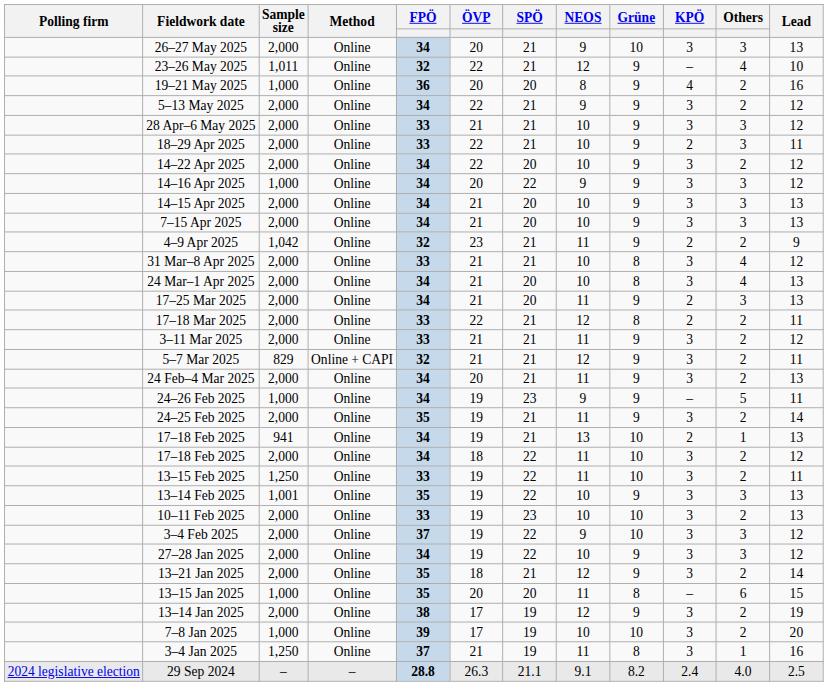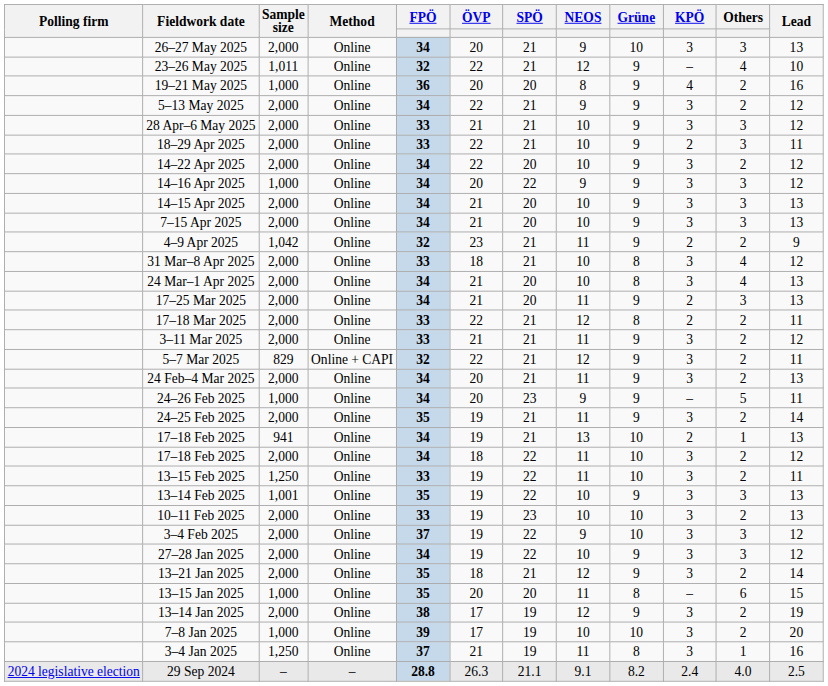 <table class="wikitable sortable mw-datatable" style="text-align:center;font-size:90%;line-height:14px;">
 <tr>
 <th rowspan="2">Polling firm</th>
 <th rowspan="2">Fieldwork date</th>
 <th rowspan="2">Sample<br>size</th>
 <th rowspan="2">Method</th>
 <th class="unsortable" style="width:50px;"><a href='#'>FPÖ</a></th>
 <th class="unsortable" style="width:50px;"><a href='#'>ÖVP</a></th>
 <th class="unsortable" style="width:50px;"><a href='#'>SPÖ</a></th>
 <th class="unsortable" style="width:50px;"><a href='#'>NEOS</a></th>
 <th class="unsortable" style="width:50px;"><a href='#'>Grüne</a></th>
 <th class="unsortable" style="width:50px;"><a href='#'>KPÖ</a></th>
 <th class="unsortable" style="width:50px;">Others</th>
 <th rowspan="2" class="unsortable" style="width:50px;">Lead</th>
 </tr>
 <tr>
 <th style="background:"></th>
 <th style="background:"></th>
 <th style="background:"></th>
 <th style="background:"></th>
 <th style="background:"></th>
 <th style="background:"></th>
 <th style="background:"></th>
 </tr>
 <tr>
 <td></td>
 <td>26–27 May 2025</td>
 <td>2,000</td>
 <td>Online</td>
 <td style="background:#C6D9EA;"><strong>34</strong></td>
 <td>20</td>
 <td>21</td>
 <td>9</td>
 <td>10</td>
 <td>3</td>
 <td>3</td>
 <td style="background:">13</td>
 </tr>
 <tr>
 <td></td>
 <td>23–26 May 2025</td>
 <td>1,011</td>
 <td>Online</td>
 <td style="background:#C6D9EA;"><strong>32</strong></td>
 <td>22</td>
 <td>21</td>
 <td>12</td>
 <td>9</td>
 <td>–</td>
 <td>4</td>
 <td style="background:">10</td>
 </tr>
 <tr>
 <td></td>
 <td>19–21 May 2025</td>
 <td>1,000</td>
 <td>Online</td>
 <td style="background:#C6D9EA;"><strong>36</strong></td>
 <td>20</td>
 <td>20</td>
 <td>8</td>
 <td>9</td>
 <td>4</td>
 <td>2</td>
 <td style="background:">16</td>
 </tr>
 <tr>
 <td></td>
 <td>5–13 May 2025</td>
 <td>2,000</td>
 <td>Online</td>
 <td style="background:#C6D9EA;"><strong>34</strong></td>
 <td>22</td>
 <td>21</td>
 <td>9</td>
 <td>9</td>
 <td>3</td>
 <td>2</td>
 <td style="background:">12</td>
 </tr>
 <tr>
 <td></td>
 <td>28 Apr–6 May 2025</td>
 <td>2,000</td>
 <td>Online</td>
 <td style="background:#C6D9EA;"><strong>33</strong></td>
 <td>21</td>
 <td>21</td>
 <td>10</td>
 <td>9</td>
 <td>3</td>
 <td>3</td>
 <td style="background:">12</td>
 </tr>
 <tr>
 <td></td>
 <td>18–29 Apr 2025</td>
 <td>2,000</td>
 <td>Online</td>
 <td style="background:#C6D9EA;"><strong>33</strong></td>
 <td>22</td>
 <td>21</td>
 <td>10</td>
 <td>9</td>
 <td>2</td>
 <td>3</td>
 <td style="background:">11</td>
 </tr>
 <tr>
 <td></td>
 <td>14–22 Apr 2025</td>
 <td>2,000</td>
 <td>Online</td>
 <td style="background:#C6D9EA;"><strong>34</strong></td>
 <td>22</td>
 <td>20</td>
 <td>10</td>
 <td>9</td>
 <td>3</td>
 <td>2</td>
 <td style="background:">12</td>
 </tr>
 <tr>
 <td></td>
 <td>14–16 Apr 2025</td>
 <td>1,000</td>
 <td>Online</td>
 <td style="background:#C6D9EA;"><strong>34</strong></td>
 <td>20</td>
 <td>22</td>
 <td>9</td>
 <td>9</td>
 <td>3</td>
 <td>3</td>
 <td style="background:">12</td>
 </tr>
 <tr>
 <td></td>
 <td>14–15 Apr 2025</td>
 <td>2,000</td>
 <td>Online</td>
 <td style="background:#C6D9EA;"><strong>34</strong></td>
 <td>21</td>
 <td>20</td>
 <td>10</td>
 <td>9</td>
 <td>3</td>
 <td>3</td>
 <td style="background:">13</td>
 </tr>
 <tr>
 <td></td>
 <td>7–15 Apr 2025</td>
 <td>2,000</td>
 <td>Online</td>
 <td style="background:#C6D9EA;"><strong>34</strong></td>
 <td>21</td>
 <td>20</td>
 <td>10</td>
 <td>9</td>
 <td>3</td>
 <td>3</td>
 <td style="background:">13</td>
 </tr>
 <tr>
 <td></td>
 <td>4–9 Apr 2025</td>
 <td>1,042</td>
 <td>Online</td>
 <td style="background:#C6D9EA;"><strong>32</strong></td>
 <td>23</td>
 <td>21</td>
 <td>11</td>
 <td>9</td>
 <td>2</td>
 <td>2</td>
 <td style="background:">9</td>
 </tr>
 <tr>
 <td></td>
 <td>31 Mar–8 Apr 2025</td>
 <td>2,000</td>
 <td>Online</td>
 <td style="background:#C6D9EA;"><strong>33</strong></td>
-<td>21</td>
+<td>18</td>
 <td>21</td>
 <td>10</td>
 <td>8</td>
 <td>3</td>
 <td>4</td>
 <td style="background:">12</td>
 </tr>
 <tr>
 <td></td>
 <td>24 Mar–1 Apr 2025</td>
 <td>2,000</td>
 <td>Online</td>
 <td style="background:#C6D9EA;"><strong>34</strong></td>
 <td>21</td>
 <td>20</td>
 <td>10</td>
 <td>8</td>
 <td>3</td>
 <td>4</td>
 <td style="background:">13</td>
 </tr>
 <tr>
 <td></td>
 <td>17–25 Mar 2025</td>
 <td>2,000</td>
 <td>Online</td>
 <td style="background:#C6D9EA;"><strong>34</strong></td>
 <td>21</td>
 <td>20</td>
 <td>11</td>
 <td>9</td>
 <td>2</td>
 <td>3</td>
 <td style="background:">13</td>
 </tr>
 <tr>
 <td></td>
 <td>17–18 Mar 2025</td>
 <td>2,000</td>
 <td>Online</td>
 <td style="background:#C6D9EA;"><strong>33</strong></td>
 <td>22</td>
 <td>21</td>
 <td>12</td>
 <td>8</td>
 <td>2</td>
 <td>2</td>
 <td style="background:">11</td>
 </tr>
 <tr>
 <td></td>
 <td>3–11 Mar 2025</td>
 <td>2,000</td>
 <td>Online</td>
 <td style="background:#C6D9EA;"><strong>33</strong></td>
 <td>21</td>
 <td>21</td>
 <td>11</td>
 <td>9</td>
 <td>3</td>
 <td>2</td>
 <td style="background:">12</td>
 </tr>
 <tr>
 <td></td>
 <td>5–7 Mar 2025</td>
 <td>829</td>
 <td>Online + CAPI</td>
 <td style="background:#C6D9EA;"><strong>32</strong></td>
-<td>21</td>
+<td>22</td>
 <td>21</td>
 <td>12</td>
 <td>9</td>
 <td>3</td>
 <td>2</td>
 <td style="background:">11</td>
 </tr>
 <tr>
 <td></td>
 <td>24 Feb–4 Mar 2025</td>
 <td>2,000</td>
 <td>Online</td>
 <td style="background:#C6D9EA;"><strong>34</strong></td>
 <td>20</td>
 <td>21</td>
 <td>11</td>
 <td>9</td>
 <td>3</td>
 <td>2</td>
 <td style="background:">13</td>
 </tr>
 <tr>
 <td></td>
 <td>24–26 Feb 2025</td>
 <td>1,000</td>
 <td>Online</td>
 <td style="background:#C6D9EA;"><strong>34</strong></td>
-<td>19</td>
+<td>20</td>
 <td>23</td>
 <td>9</td>
 <td>9</td>
 <td>–</td>
 <td>5</td>
 <td style="background:">11</td>
 </tr>
 <tr>
 <td></td>
 <td>24–25 Feb 2025</td>
 <td>2,000</td>
 <td>Online</td>
 <td style="background:#C6D9EA;"><strong>35</strong></td>
 <td>19</td>
 <td>21</td>
 <td>11</td>
 <td>9</td>
 <td>3</td>
 <td>2</td>
 <td style="background:">14</td>
 </tr>
 <tr>
 <td></td>
 <td>17–18 Feb 2025</td>
 <td>941</td>
 <td>Online</td>
 <td style="background:#C6D9EA;"><strong>34</strong></td>
 <td>19</td>
 <td>21</td>
 <td>13</td>
 <td>10</td>
 <td>2</td>
 <td>1</td>
 <td style="background:">13</td>
 </tr>
 <tr>
 <td></td>
 <td>17–18 Feb 2025</td>
 <td>2,000</td>
 <td>Online</td>
 <td style="background:#C6D9EA;"><strong>34</strong></td>
 <td>18</td>
 <td>22</td>
 <td>11</td>
 <td>10</td>
 <td>3</td>
 <td>2</td>
 <td style="background:">12</td>
 </tr>
 <tr>
 <td></td>
 <td>13–15 Feb 2025</td>
 <td>1,250</td>
 <td>Online</td>
 <td style="background:#C6D9EA;"><strong>33</strong></td>
 <td>19</td>
 <td>22</td>
 <td>11</td>
 <td>10</td>
 <td>3</td>
 <td>2</td>
 <td style="background:">11</td>
 </tr>
 <tr>
 <td></td>
 <td>13–14 Feb 2025</td>
 <td>1,001</td>
 <td>Online</td>
 <td style="background:#C6D9EA;"><strong>35</strong></td>
 <td>19</td>
 <td>22</td>
 <td>10</td>
 <td>9</td>
 <td>3</td>
 <td>3</td>
 <td style="background:">13</td>
 </tr>
 <tr>
 <td></td>
 <td>10–11 Feb 2025</td>
 <td>2,000</td>
 <td>Online</td>
 <td style="background:#C6D9EA;"><strong>33</strong></td>
 <td>19</td>
 <td>23</td>
 <td>10</td>
 <td>10</td>
 <td>3</td>
 <td>2</td>
 <td style="background:">13</td>
 </tr>
 <tr>
 <td></td>
 <td>3–4 Feb 2025</td>
 <td>2,000</td>
 <td>Online</td>
 <td style="background:#C6D9EA;"><strong>37</strong></td>
 <td>19</td>
 <td>22</td>
 <td>9</td>
 <td>10</td>
 <td>3</td>
 <td>3</td>
 <td style="background:">12</td>
 </tr>
 <tr>
 <td></td>
 <td>27–28 Jan 2025</td>
 <td>2,000</td>
 <td>Online</td>
 <td style="background:#C6D9EA;"><strong>34</strong></td>
 <td>19</td>
 <td>22</td>
 <td>10</td>
 <td>9</td>
 <td>3</td>
 <td>3</td>
 <td style="background:">12</td>
 </tr>
 <tr>
 <td></td>
 <td>13–21 Jan 2025</td>
 <td>2,000</td>
 <td>Online</td>
 <td style="background:#C6D9EA;"><strong>35</strong></td>
 <td>18</td>
 <td>21</td>
 <td>12</td>
 <td>9</td>
 <td>3</td>
 <td>2</td>
 <td style="background:">14</td>
 </tr>
 <tr>
 <td></td>
 <td>13–15 Jan 2025</td>
 <td>1,000</td>
 <td>Online</td>
 <td style="background:#C6D9EA;"><strong>35</strong></td>
 <td>20</td>
 <td>20</td>
 <td>11</td>
 <td>8</td>
 <td>–</td>
 <td>6</td>
 <td style="background:">15</td>
 </tr>
 <tr>
 <td></td>
 <td>13–14 Jan 2025</td>
 <td>2,000</td>
 <td>Online</td>
 <td style="background:#C6D9EA;"><strong>38</strong></td>
 <td>17</td>
 <td>19</td>
 <td>12</td>
 <td>9</td>
 <td>3</td>
 <td>2</td>
 <td style="background:">19</td>
 </tr>
 <tr>
 <td></td>
 <td>7–8 Jan 2025</td>
 <td>1,000</td>
 <td>Online</td>
 <td style="background:#C6D9EA;"><strong>39</strong></td>
 <td>17</td>
 <td>19</td>
 <td>10</td>
 <td>10</td>
 <td>3</td>
 <td>2</td>
 <td style="background:">20</td>
 </tr>
 <tr>
 <td></td>
 <td>3–4 Jan 2025</td>
 <td>1,250</td>
 <td>Online</td>
 <td style="background:#C6D9EA;"><strong>37</strong></td>
 <td>21</td>
 <td>19</td>
 <td>11</td>
 <td>8</td>
 <td>3</td>
 <td>1</td>
 <td style="background:">16</td>
 </tr>
 <tr style="background:#E9E9E9;">
 <td><a href='#'>2024 legislative election</a></td>
 <td data-sort-value="2024-09-29">29 Sep 2024</td>
 <td>–</td>
 <td>–</td>
 <td style="background:#C6D9EA;"><strong>28.8</strong></td>
 <td>26.3</td>
 <td>21.1</td>
 <td>9.1</td>
 <td>8.2</td>
 <td>2.4</td>
 <td>4.0</td>
 <td style="background:">2.5</td>
 </tr>
 </table>
